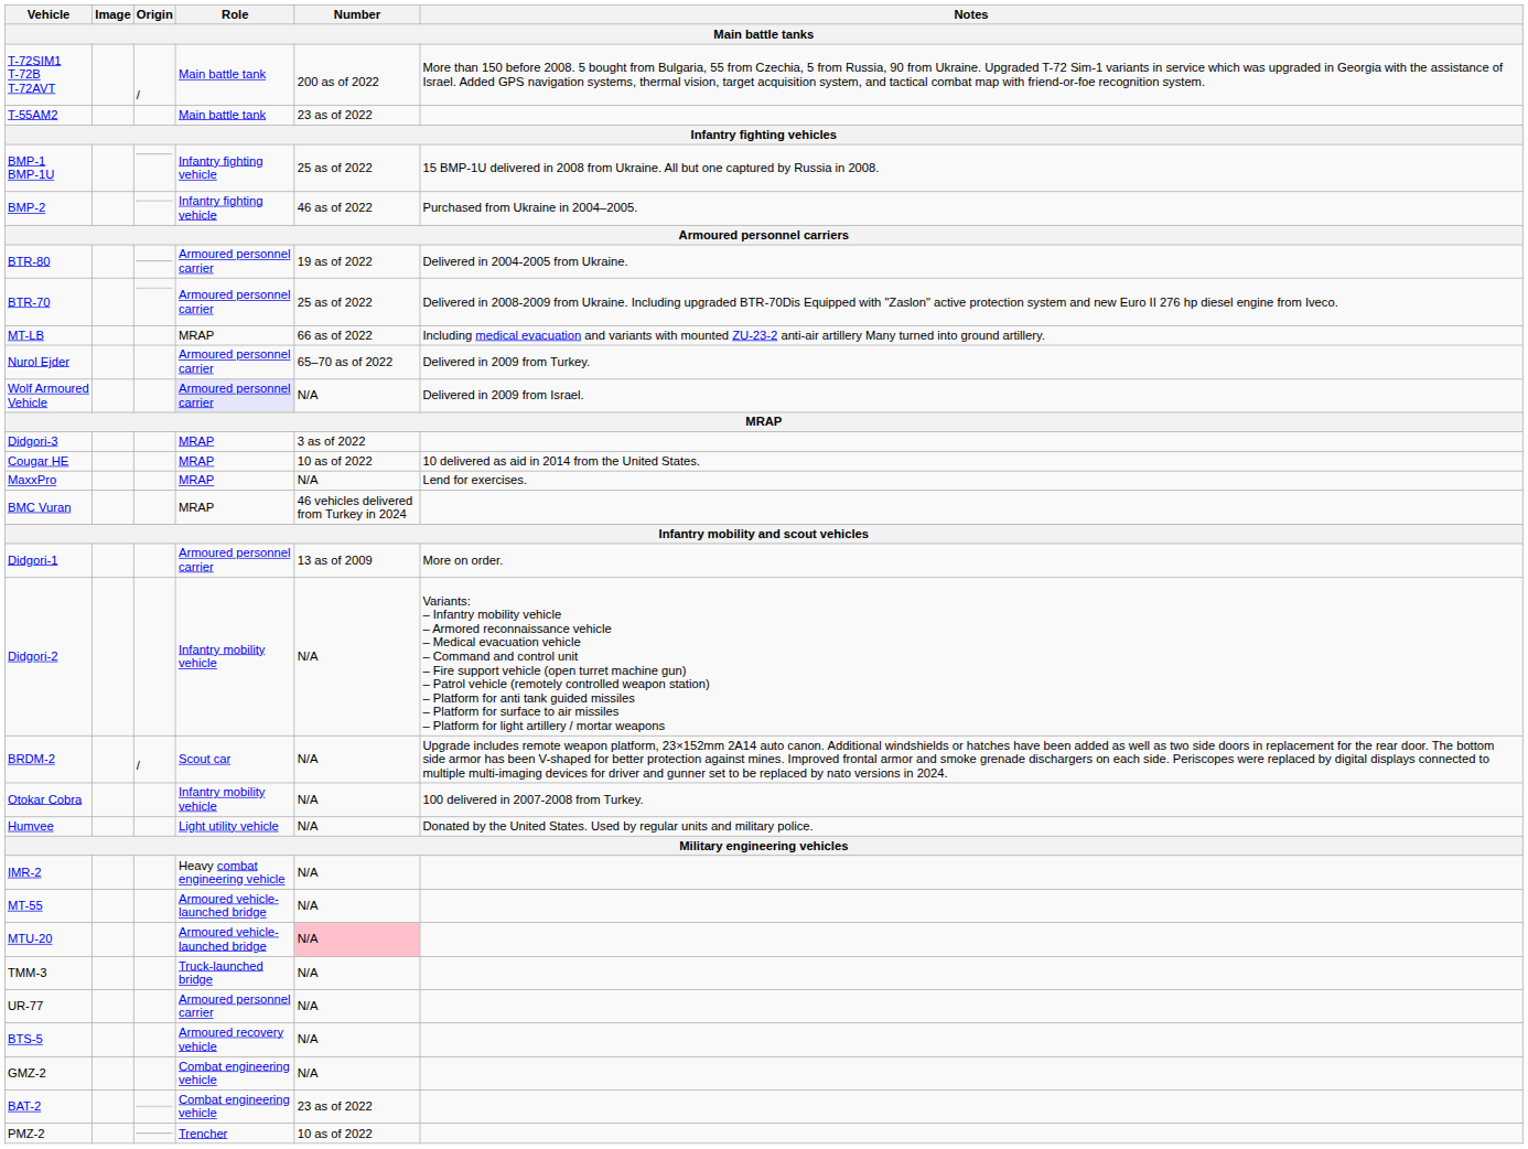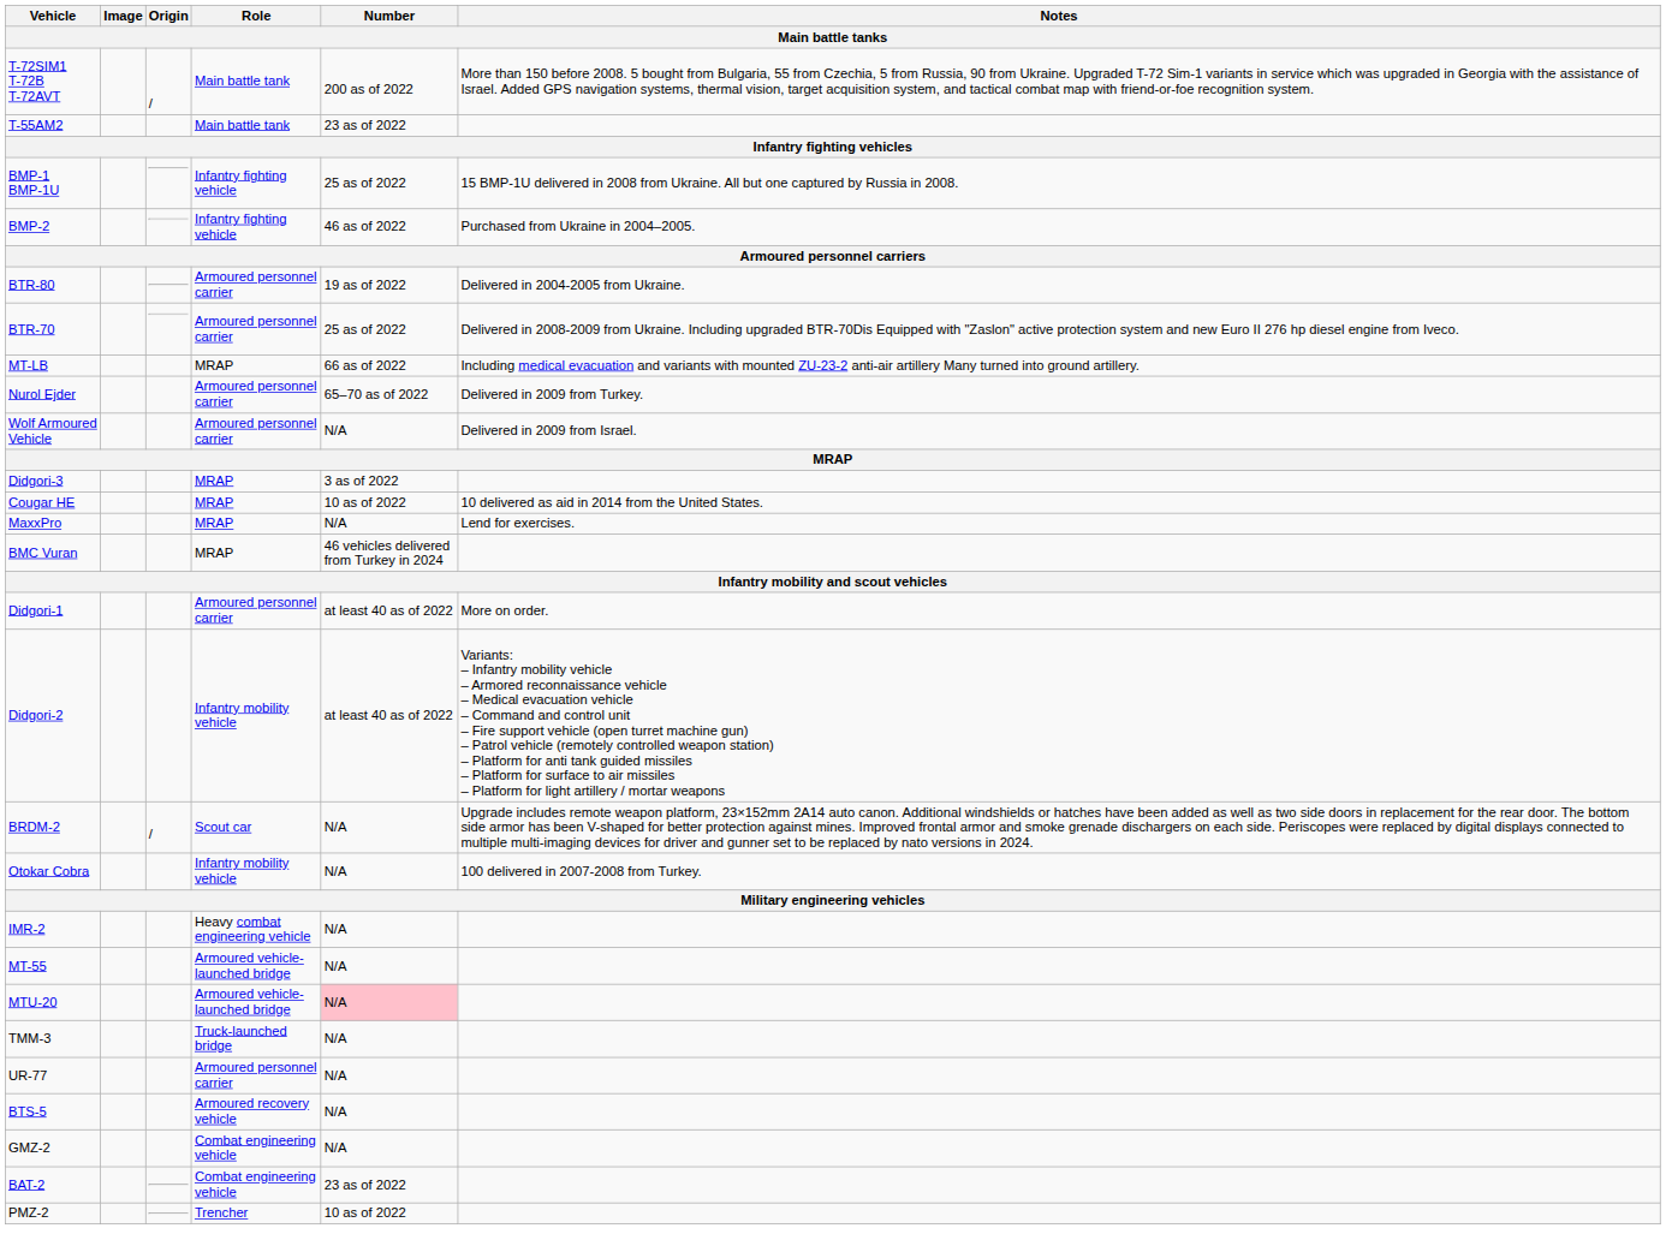 <table class="wikitable">
 <tr>
 <th>Vehicle</th>
 <th>Image</th>
 <th>Origin</th>
 <th>Role</th>
 <th>Number</th>
 <th>Notes</th>
 </tr>
 <tr>
 <th colspan="6">Main battle tanks</th>
 </tr>
 <tr>
 <td><a href='#'>T-72SIM1</a><br><a href='#'>T-72B</a><br><a href='#'>T-72AVT</a></td>
 <td></td>
 <td><br><br><br> /<br></td>
 <td><a href='#'>Main battle tank</a></td>
 <td><br>200 as of 2022</td>
 <td>More than 150 before 2008. 5 bought from Bulgaria, 55 from Czechia, 5 from Russia, 90 from Ukraine. Upgraded T-72 Sim-1 variants in service which was upgraded in Georgia with the assistance of Israel. Added GPS navigation systems, thermal vision, target acquisition system, and tactical combat map with friend-or-foe recognition system.</td>
 </tr>
 <tr>
 <td><a href='#'>T-55AM2</a></td>
 <td></td>
 <td><br></td>
 <td><a href='#'>Main battle tank</a></td>
 <td>23 as of 2022</td>
 <td></td>
 </tr>
 <tr>
 <th colspan="6">Infantry fighting vehicles</th>
 </tr>
 <tr>
 <td><a href='#'>BMP-1</a><br><a href='#'>BMP-1U</a></td>
 <td></td>
 <td><hr><br><br></td>
 <td><a href='#'>Infantry fighting vehicle</a></td>
 <td>25 as of 2022</td>
 <td>15 BMP-1U delivered in 2008 from Ukraine. All but one captured by Russia in 2008.</td>
 </tr>
 <tr>
 <td><a href='#'>BMP-2</a></td>
 <td></td>
 <td><hr><br></td>
 <td><a href='#'>Infantry fighting vehicle</a></td>
 <td>46 as of 2022</td>
 <td>Purchased from Ukraine in 2004–2005.</td>
 </tr>
 <tr>
 <th colspan="6">Armoured personnel carriers</th>
 </tr>
 <tr>
 <td><a href='#'>BTR-80</a></td>
 <td></td>
 <td><hr></td>
 <td><a href='#'>Armoured personnel carrier</a></td>
 <td>19 as of 2022</td>
 <td>Delivered in 2004-2005 from Ukraine.</td>
 </tr>
 <tr>
 <td><a href='#'>BTR-70</a></td>
 <td></td>
 <td><hr><br><br></td>
 <td><a href='#'>Armoured personnel carrier</a></td>
 <td>25 as of 2022</td>
 <td>Delivered in 2008-2009 from Ukraine. Including upgraded BTR-70Dis Equipped with "Zaslon" active protection system and new Euro II 276 hp diesel engine from Iveco.</td>
 </tr>
 <tr>
 <td><a href='#'>MT-LB</a></td>
 <td></td>
 <td></td>
 <td>MRAP</td>
 <td>66 as of 2022</td>
 <td>Including <a href='#'>medical evacuation</a> and variants with mounted <a href='#'>ZU-23-2</a> anti-air artillery Many turned into ground artillery.</td>
 </tr>
 <tr>
 <td><a href='#'>Nurol Ejder</a></td>
 <td></td>
 <td></td>
 <td><a href='#'>Armoured personnel carrier</a></td>
 <td>65–70 as of 2022</td>
 <td>Delivered in 2009 from Turkey.</td>
 </tr>
 <tr>
 <td><a href='#'>Wolf Armoured Vehicle</a></td>
 <td></td>
 <td></td>
-<td style="background: lavender;"><a href='#'>Armoured personnel carrier</a></td>
+<td><a href='#'>Armoured personnel carrier</a></td>
 <td>N/A</td>
 <td>Delivered in 2009 from Israel.</td>
 </tr>
 <tr>
 <th colspan="6">MRAP</th>
 </tr>
 <tr>
 <td><a href='#'>Didgori-3</a></td>
 <td></td>
 <td></td>
 <td><a href='#'>MRAP</a></td>
 <td>3 as of 2022</td>
 <td></td>
 </tr>
 <tr>
 <td><a href='#'>Cougar HE</a></td>
 <td></td>
 <td></td>
 <td><a href='#'>MRAP</a></td>
 <td>10 as of 2022</td>
 <td>10 delivered as aid in 2014 from the United States.</td>
 </tr>
 <tr>
 <td><a href='#'>MaxxPro</a></td>
 <td></td>
 <td></td>
 <td><a href='#'>MRAP</a></td>
 <td>N/A</td>
 <td>Lend for exercises.</td>
 </tr>
 <tr>
 <td><a href='#'>BMC Vuran</a></td>
 <td></td>
 <td></td>
 <td>MRAP</td>
 <td>46 vehicles delivered from Turkey in 2024</td>
 <td></td>
 </tr>
 <tr>
 <th colspan="6">Infantry mobility and scout vehicles</th>
 </tr>
 <tr>
 <td><a href='#'>Didgori-1</a></td>
 <td></td>
 <td></td>
 <td><a href='#'>Armoured personnel carrier</a></td>
-<td>13 as of 2009</td>
+<td>at least 40 as of 2022</td>
 <td>More on order.</td>
 </tr>
 <tr>
 <td><a href='#'>Didgori-2</a></td>
 <td></td>
 <td></td>
 <td><a href='#'>Infantry mobility vehicle</a></td>
-<td>N/A</td>
+<td>at least 40 as of 2022</td>
 <td><br>Variants:<br> – Infantry mobility vehicle<br> – Armored reconnaissance vehicle <br> – Medical evacuation vehicle<br> – Command and control unit<br> – Fire support vehicle (open turret machine gun)<br> – Patrol vehicle (remotely controlled weapon station)<br> – Platform for anti tank guided missiles<br> – Platform for surface to air missiles<br> – Platform for light artillery / mortar weapons</td>
 </tr>
 <tr>
 <td><a href='#'>BRDM-2</a></td>
 <td></td>
 <td><br> /<br></td>
 <td><a href='#'>Scout car</a></td>
 <td>N/A</td>
 <td>Upgrade includes remote weapon platform, 23×152mm 2A14 auto canon. Additional windshields or hatches have been added as well as two side doors in replacement for the rear door. The bottom side armor has been V-shaped for better protection against mines. Improved frontal armor and smoke grenade dischargers on each side. Periscopes were replaced by digital displays connected to multiple multi-imaging devices for driver and gunner set to be replaced by nato versions in 2024.</td>
 </tr>
 <tr>
 <td><a href='#'>Otokar Cobra</a></td>
 <td></td>
 <td></td>
 <td><a href='#'>Infantry mobility vehicle</a></td>
 <td>N/A</td>
 <td>100 delivered in 2007-2008 from Turkey.</td>
-</tr>
-<tr>
-<td><a href='#'>Humvee</a></td>
-<td></td>
-<td></td>
-<td><a href='#'>Light utility vehicle</a></td>
-<td>N/A</td>
-<td>Donated by the United States. Used by regular units and military police.</td>
 </tr>
 <tr>
 <th colspan="6">Military engineering vehicles</th>
 </tr>
 <tr>
 <td><a href='#'>IMR-2</a></td>
 <td></td>
 <td></td>
 <td>Heavy <a href='#'>combat engineering vehicle</a></td>
 <td>N/A</td>
 <td></td>
 </tr>
 <tr>
 <td><a href='#'>MT-55</a></td>
 <td></td>
 <td></td>
 <td><a href='#'>Armoured vehicle-launched bridge</a></td>
 <td>N/A</td>
 <td></td>
 </tr>
 <tr>
 <td><a href='#'>MTU-20</a></td>
 <td></td>
 <td></td>
 <td><a href='#'>Armoured vehicle-launched bridge</a></td>
 <td style="background: pink;">N/A</td>
 <td></td>
 </tr>
 <tr>
 <td>TMM-3</td>
 <td></td>
 <td></td>
 <td><a href='#'>Truck-launched bridge</a></td>
 <td>N/A</td>
 <td></td>
 </tr>
 <tr>
 <td>UR-77</td>
 <td></td>
 <td></td>
 <td><a href='#'>Armoured personnel carrier</a></td>
 <td>N/A</td>
 <td></td>
 </tr>
 <tr>
 <td><a href='#'>BTS-5</a></td>
 <td></td>
 <td></td>
 <td><a href='#'>Armoured recovery vehicle</a></td>
 <td>N/A</td>
 <td></td>
 </tr>
 <tr>
 <td>GMZ-2</td>
 <td></td>
 <td></td>
 <td><a href='#'>Combat engineering vehicle</a></td>
 <td>N/A</td>
 <td></td>
 </tr>
 <tr>
 <td><a href='#'>BAT-2</a></td>
 <td></td>
 <td><hr></td>
 <td><a href='#'>Combat engineering vehicle</a></td>
 <td>23 as of 2022</td>
 <td></td>
 </tr>
 <tr>
 <td>PMZ-2</td>
 <td></td>
 <td><hr></td>
 <td><a href='#'>Trencher</a></td>
 <td>10 as of 2022</td>
 <td></td>
 </tr>
 </table>
